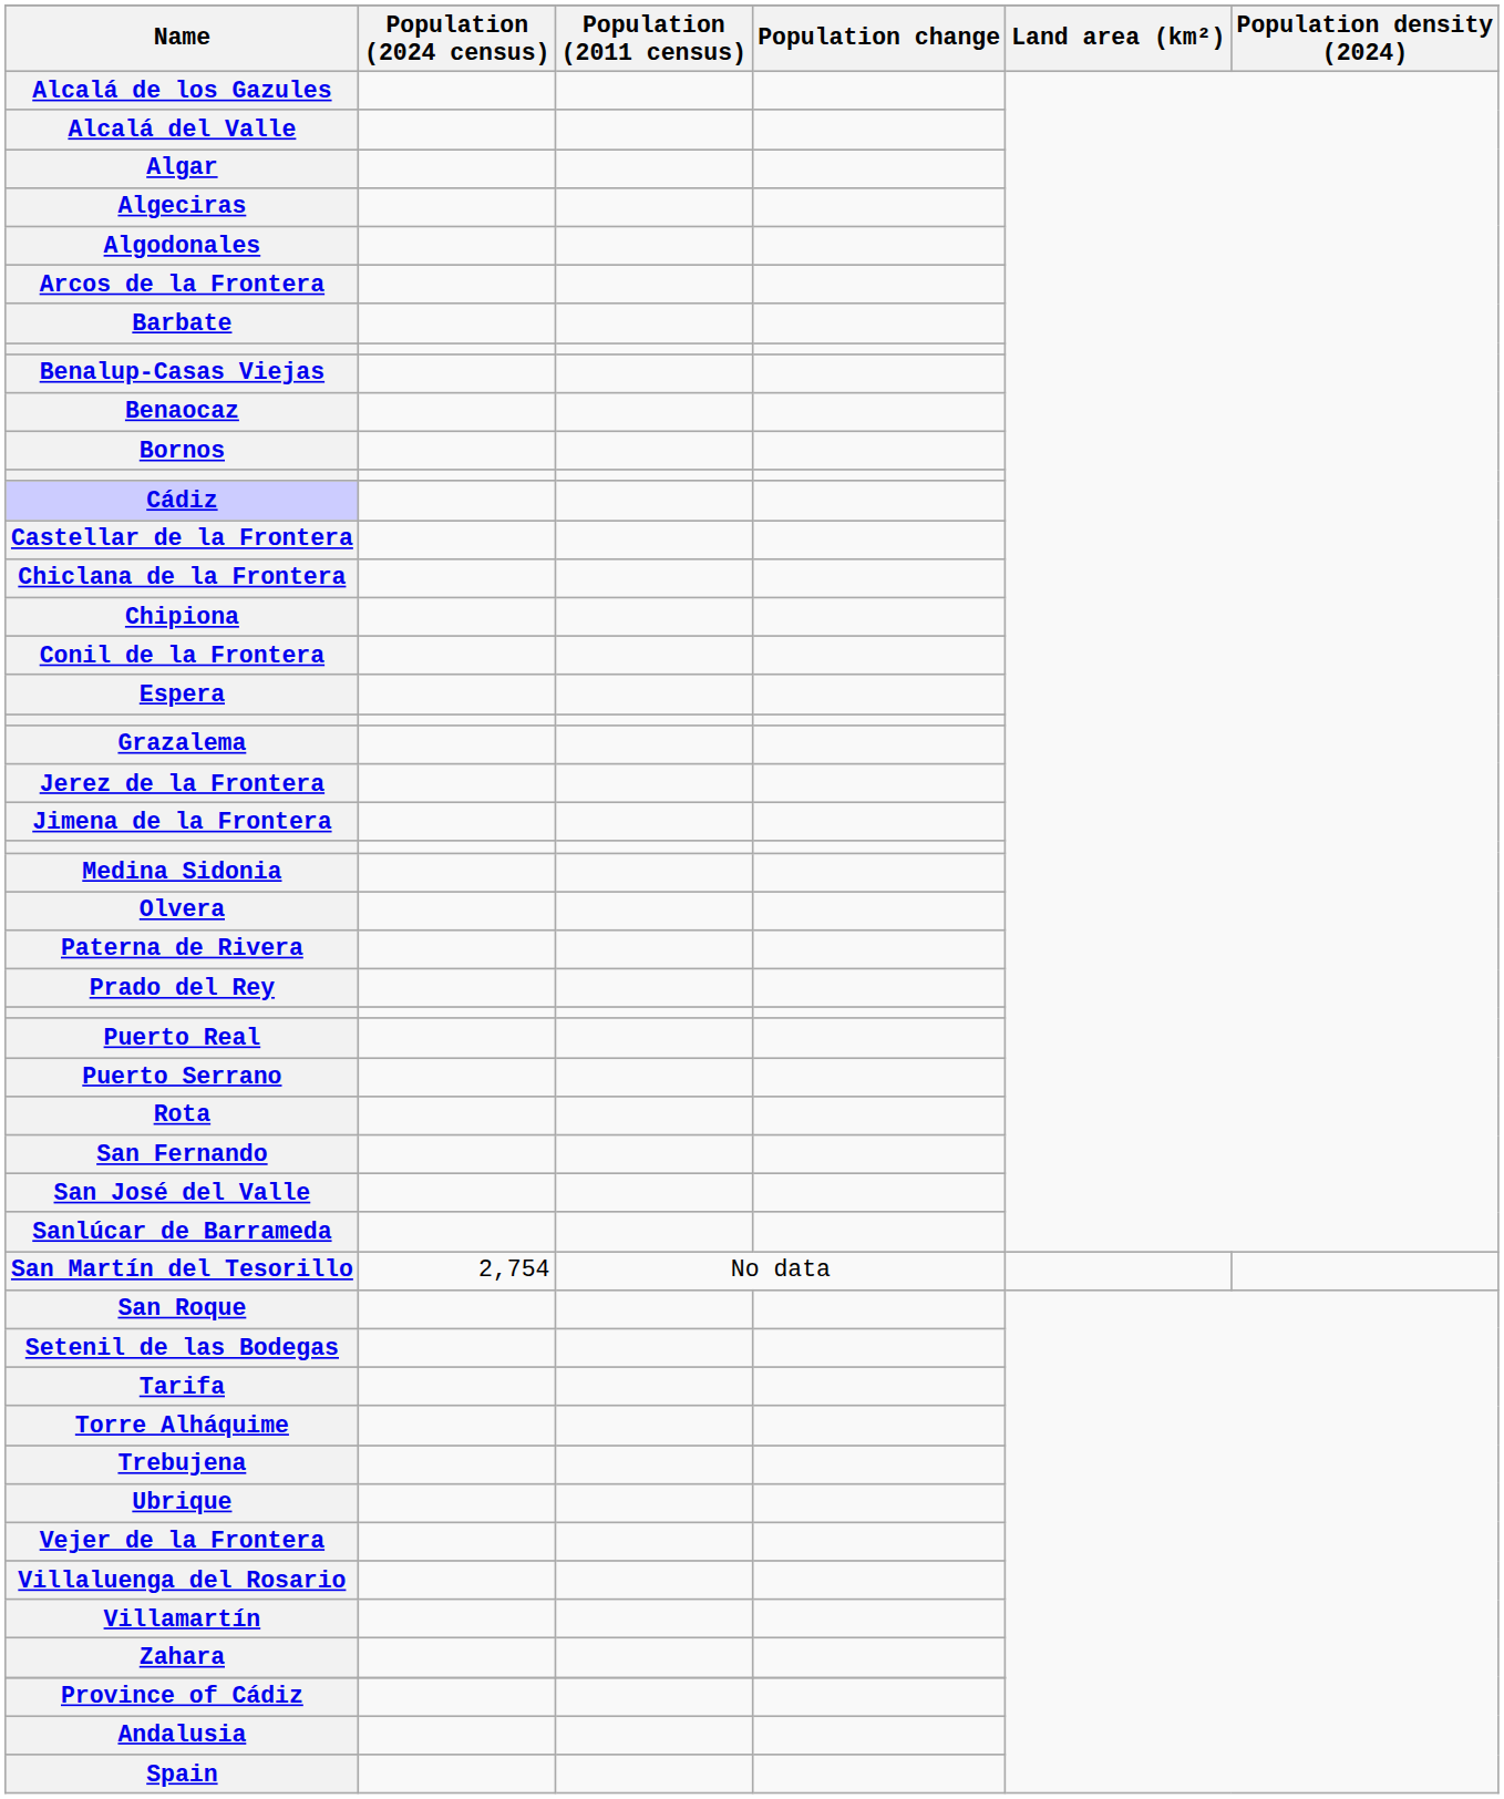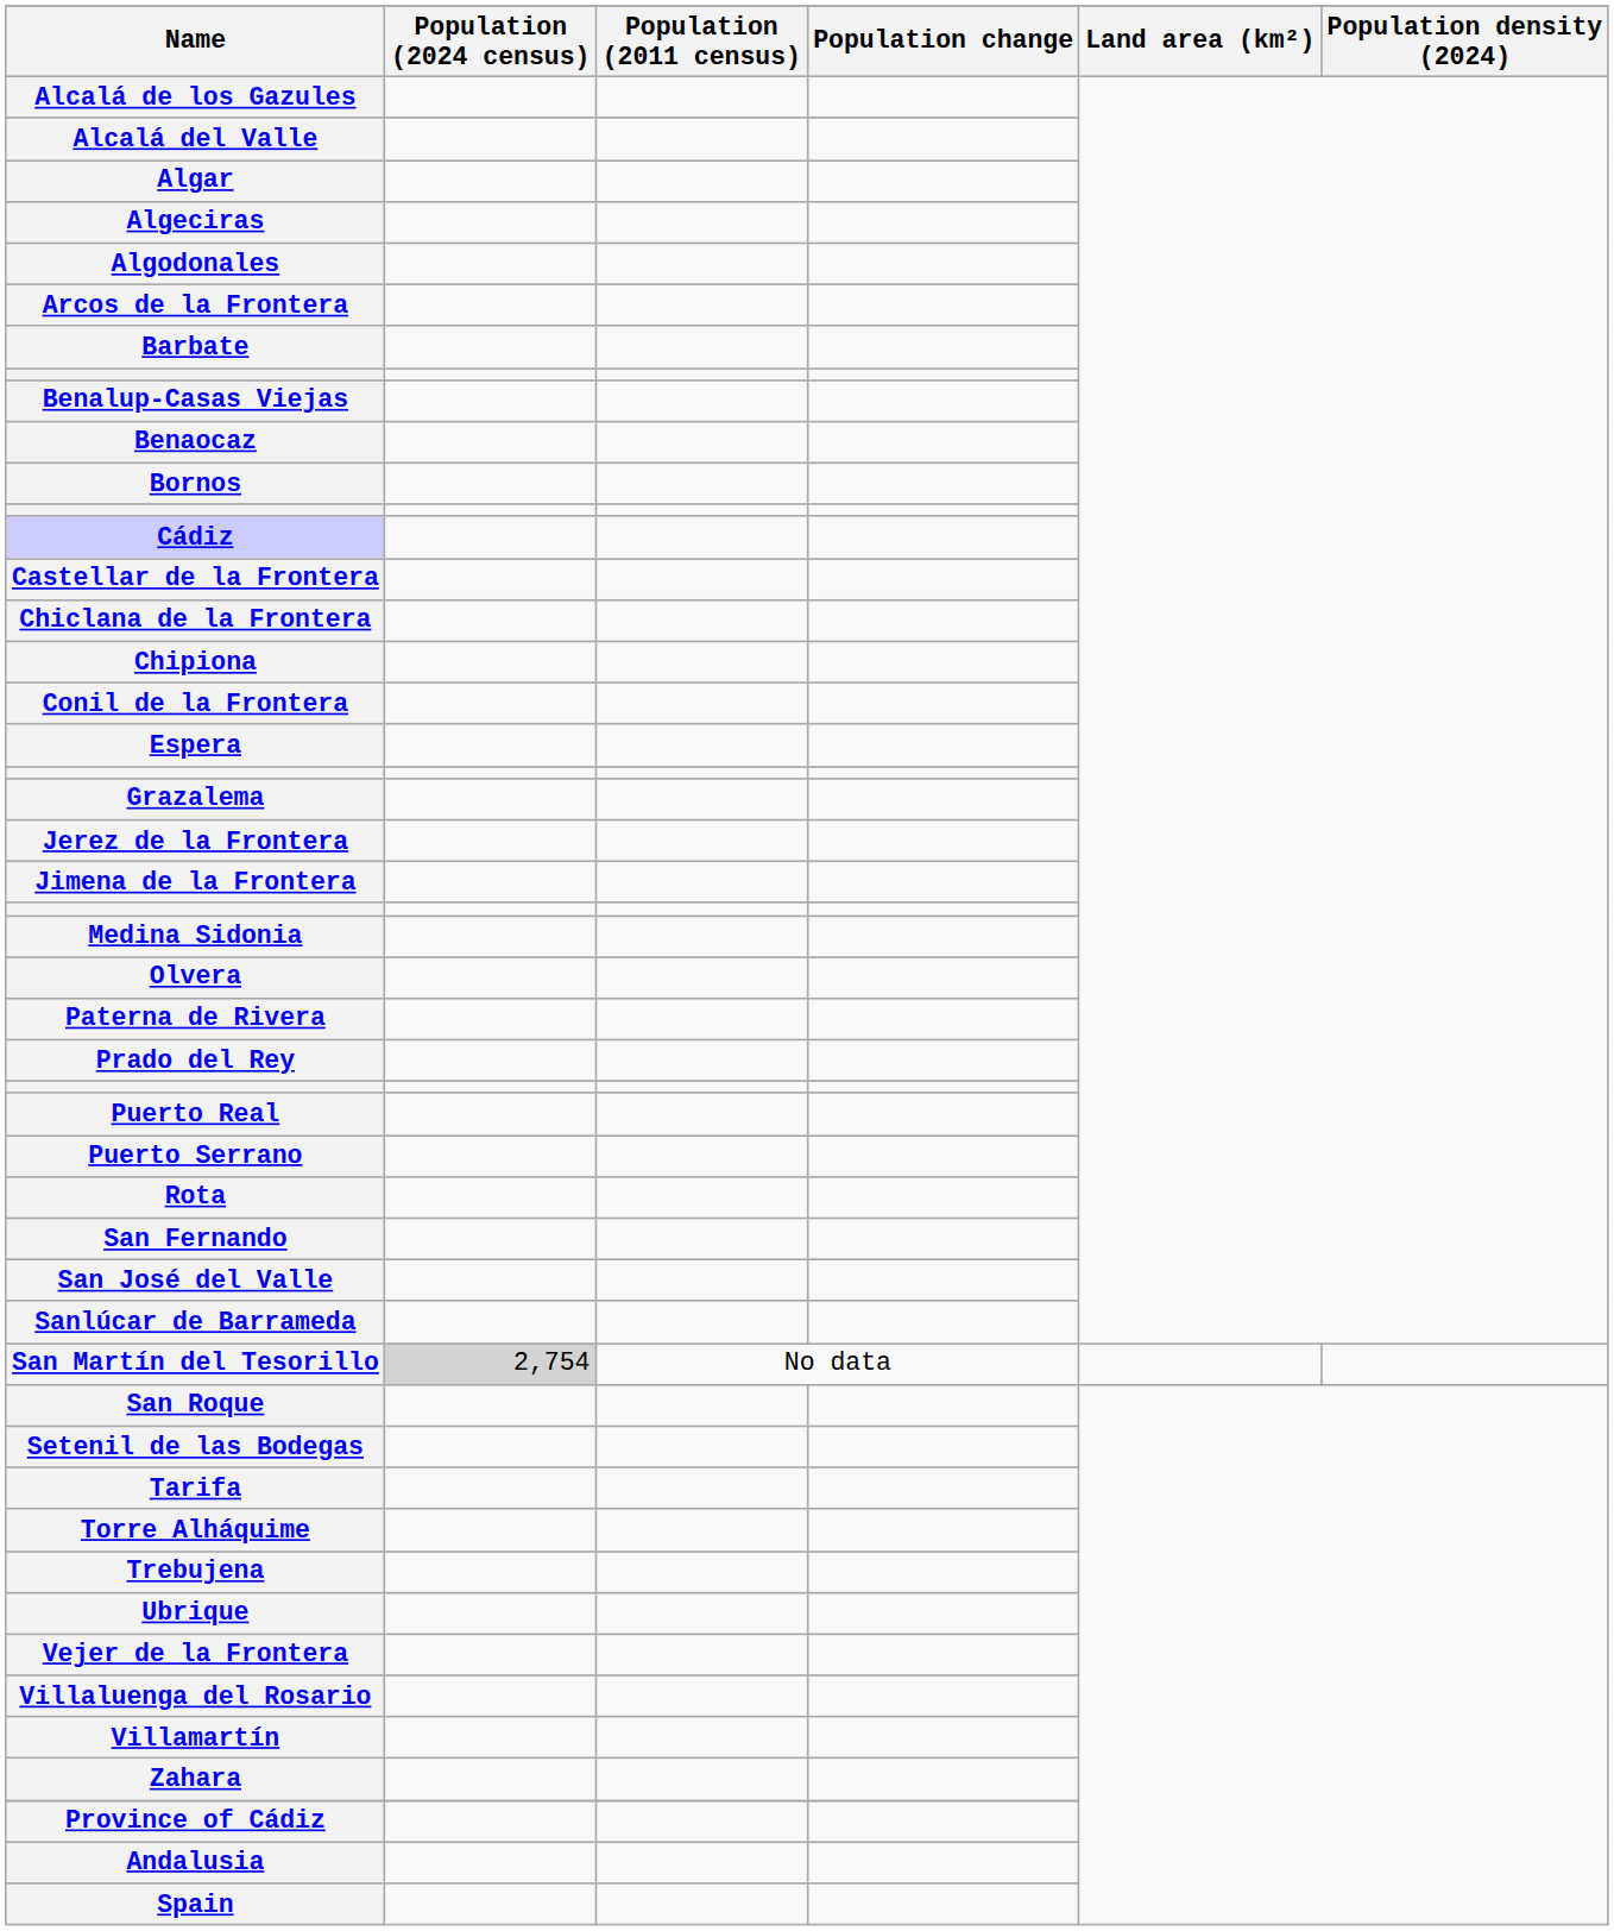 <table class="wikitable sortable sticky-header" style="text-align:right;">
 <tr>
 </tr>
 <tr>
 <th scope="col">Name</th>
 <th scope="col">Population<br>(2024 census)</th>
 <th scope="col">Population<br>(2011 census)</th>
 <th scope="col">Population change</th>
 <th scope="col" data-sort-type="number">Land area (km²)</th>
 <th scope="col" data-sort-type="number">Population density<br>(2024)</th>
 </tr>
 <tr>
 <th scope="row" align="center"><a href='#'>Alcalá de los Gazules</a></th>
 <td></td>
 <td></td>
 <td></td>
 </tr>
 <tr>
 <th scope="row" align="center"><a href='#'>Alcalá del Valle</a></th>
 <td></td>
 <td></td>
 <td></td>
 </tr>
 <tr>
 <th scope="row" align="center"><a href='#'>Algar</a></th>
 <td></td>
 <td></td>
 <td></td>
 </tr>
 <tr>
 <th scope="row" align="center"><a href='#'>Algeciras</a></th>
 <td></td>
 <td></td>
 <td></td>
 </tr>
 <tr>
 <th scope="row" align="center"><a href='#'>Algodonales</a></th>
 <td></td>
 <td></td>
 <td></td>
 </tr>
 <tr>
 <th scope="row" align="center"><a href='#'>Arcos de la Frontera</a></th>
 <td></td>
 <td></td>
 <td></td>
 </tr>
 <tr>
 <th scope="row" align="center"><a href='#'>Barbate</a></th>
 <td></td>
 <td></td>
 <td></td>
 </tr>
 <tr>
 <th scope="row" align="center"></th>
 <td></td>
 <td></td>
 <td></td>
 </tr>
 <tr>
 <th scope="row" align="center"><a href='#'>Benalup-Casas Viejas</a></th>
 <td></td>
 <td></td>
 <td></td>
 </tr>
 <tr>
 <th scope="row" align="center"><a href='#'>Benaocaz</a></th>
 <td></td>
 <td></td>
 <td></td>
 </tr>
 <tr>
 <th scope="row" align="center"><a href='#'>Bornos</a></th>
 <td></td>
 <td></td>
 <td></td>
 </tr>
 <tr>
 <th scope="row" align="center"></th>
 <td></td>
 <td></td>
 <td></td>
 </tr>
 <tr>
 <th scope="row" align="left" style="background:#CCF;"><a href='#'>Cádiz</a></th>
 <td></td>
 <td></td>
 <td></td>
 </tr>
 <tr>
 <th scope="row" align="center"><a href='#'>Castellar de la Frontera</a></th>
 <td></td>
 <td></td>
 <td></td>
 </tr>
 <tr>
 <th scope="row" align="center"><a href='#'>Chiclana de la Frontera</a></th>
 <td></td>
 <td></td>
 <td></td>
 </tr>
 <tr>
 <th scope="row" align="center"><a href='#'>Chipiona</a></th>
 <td></td>
 <td></td>
 <td></td>
 </tr>
 <tr>
 <th scope="row" align="center"><a href='#'>Conil de la Frontera</a></th>
 <td></td>
 <td></td>
 <td></td>
 </tr>
 <tr>
 <th scope="row" align="center"><a href='#'>Espera</a></th>
 <td></td>
 <td></td>
 <td></td>
 </tr>
 <tr>
 <th scope="row" align="center"></th>
 <td></td>
 <td></td>
 <td></td>
 </tr>
 <tr>
 <th scope="row" align="center"><a href='#'>Grazalema</a></th>
 <td></td>
 <td></td>
 <td></td>
 </tr>
 <tr>
 <th scope="row" align="center"><a href='#'>Jerez de la Frontera</a></th>
 <td></td>
 <td></td>
 <td></td>
 </tr>
 <tr>
 <th scope="row" align="center"><a href='#'>Jimena de la Frontera</a></th>
 <td></td>
 <td></td>
 <td></td>
 </tr>
 <tr>
 <th scope="row" align="center"></th>
 <td></td>
 <td></td>
 <td></td>
 </tr>
 <tr>
 <th scope="row" align="center"><a href='#'>Medina Sidonia</a></th>
 <td></td>
 <td></td>
 <td></td>
 </tr>
 <tr>
 <th scope="row" align="center"><a href='#'>Olvera</a></th>
 <td></td>
 <td></td>
 <td></td>
 </tr>
 <tr>
 <th scope="row" align="center"><a href='#'>Paterna de Rivera</a></th>
 <td></td>
 <td></td>
 <td></td>
 </tr>
 <tr>
 <th scope="row" align="center"><a href='#'>Prado del Rey</a></th>
 <td></td>
 <td></td>
 <td></td>
 </tr>
 <tr>
 <th scope="row" align="center"></th>
 <td></td>
 <td></td>
 <td></td>
 </tr>
 <tr>
 <th scope="row" align="center"><a href='#'>Puerto Real</a></th>
 <td></td>
 <td></td>
 <td></td>
 </tr>
 <tr>
 <th scope="row" align="center"><a href='#'>Puerto Serrano</a></th>
 <td></td>
 <td></td>
 <td></td>
 </tr>
 <tr>
 <th scope="row" align="center"><a href='#'>Rota</a></th>
 <td></td>
 <td></td>
 <td></td>
 </tr>
 <tr>
 <th scope="row" align="center"><a href='#'>San Fernando</a></th>
 <td></td>
 <td></td>
 <td></td>
 </tr>
 <tr>
 <th scope="row" align="center"><a href='#'>San José del Valle</a></th>
 <td></td>
 <td></td>
 <td></td>
 </tr>
 <tr>
 <th scope="row" align="center"><a href='#'>Sanlúcar de Barrameda</a></th>
 <td></td>
 <td></td>
 <td></td>
 </tr>
 <tr>
 <th scope="row" align="center"><a href='#'>San Martín del Tesorillo</a></th>
-<td align="right">2,754</td>
+<td align="right" style="background: lightgrey;">2,754</td>
 <td colspan=2 align="center">No data</td>
 <td></td>
 <td></td>
 </tr>
 <tr>
 <th scope="row" align="center"><a href='#'>San Roque</a></th>
 <td></td>
 <td></td>
 <td></td>
 </tr>
 <tr>
 <th scope="row" align="center"><a href='#'>Setenil de las Bodegas</a></th>
 <td></td>
 <td></td>
 <td></td>
 </tr>
 <tr>
 <th scope="row" align="center"><a href='#'>Tarifa</a></th>
 <td></td>
 <td></td>
 <td></td>
 </tr>
 <tr>
 <th scope="row" align="center"><a href='#'>Torre Alháquime</a></th>
 <td></td>
 <td></td>
 <td></td>
 </tr>
 <tr>
 <th scope="row" align="center"><a href='#'>Trebujena</a></th>
 <td></td>
 <td></td>
 <td></td>
 </tr>
 <tr>
 <th scope="row" align="center"><a href='#'>Ubrique</a></th>
 <td></td>
 <td></td>
 <td></td>
 </tr>
 <tr>
 <th scope="row" align="center"><a href='#'>Vejer de la Frontera</a></th>
 <td></td>
 <td></td>
 <td></td>
 </tr>
 <tr>
 <th scope="row" align="center"><a href='#'>Villaluenga del Rosario</a></th>
 <td></td>
 <td></td>
 <td></td>
 </tr>
 <tr>
 <th scope="row" align="center"><a href='#'>Villamartín</a></th>
 <td></td>
 <td></td>
 <td></td>
 </tr>
 <tr>
 <th scope="row" align="center"><a href='#'>Zahara</a></th>
 <td></td>
 <td></td>
 <td></td>
 </tr>
 <tr>
 </tr>
 <tr class="sortbottom" style="text-align:center;" style="background: #f2f2f2;">
 <th scope="row" align="center"><strong><a href='#'>Province of Cádiz</a></strong></th>
 <td></td>
 <td><strong></strong></td>
 <td align="right"><strong></strong></td>
 </tr>
 <tr class="sortbottom" style="text-align:center;" style="background: #f2f2f2;">
 <th scope="row" align="center"><strong><a href='#'>Andalusia</a></strong></th>
 <td></td>
 <td><strong></strong></td>
 <td align="right"><strong></strong></td>
 </tr>
 <tr class="sortbottom" style="text-align:center;" style="background: #f2f2f2;">
 <th scope="row" align="center"><strong><a href='#'>Spain</a></strong></th>
 <td></td>
 <td><strong></strong></td>
 <td align="right"><strong></strong></td>
 </tr>
 </table>
